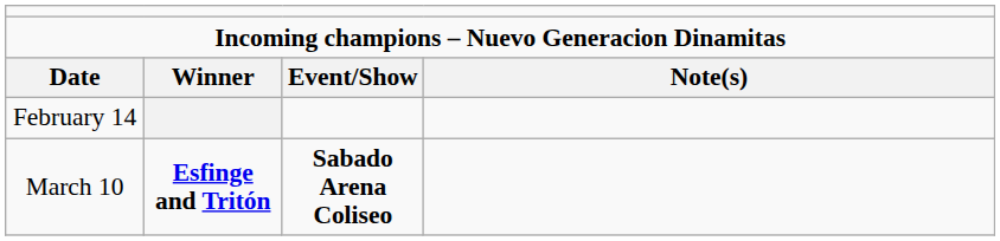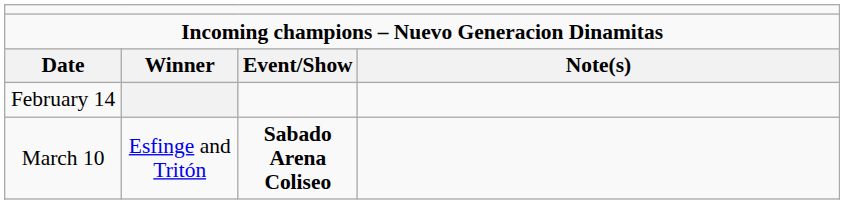 <table class="wikitable" style="text-align:center; width:100%;">
 <tr>
 <td colspan="5"></td>
 </tr>
 <tr>
 <td colspan="5"><strong>Incoming champions – Nuevo Generacion Dinamitas </strong></td>
 </tr>
 <tr>
 <th width=14%>Date</th>
 <th width=14%>Winner</th>
 <th width=14%>Event/Show</th>
 <th width=58%>Note(s)</th>
 </tr>
 <tr>
 <td>February 14</td>
 <th></th>
 <td></td>
 <td></td>
 </tr>
 <tr>
 <td>March 10</td>
-<td><strong><a href='#'>Esfinge</a> and <a href='#'>Tritón</a></strong></td>
+<td><a href='#'>Esfinge</a> and <a href='#'>Tritón</a></td>
 <td><strong>Sabado Arena Coliseo</strong></td>
 <td></td>
 </tr>
 </table>
